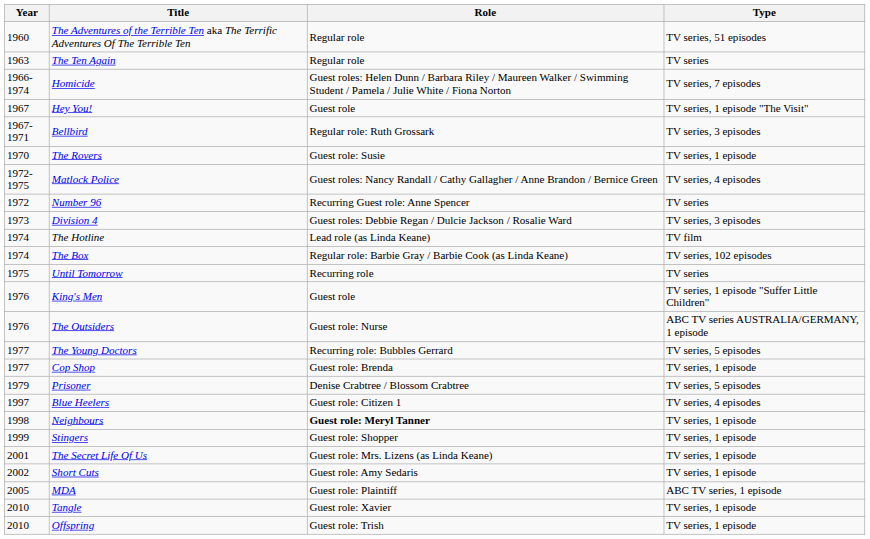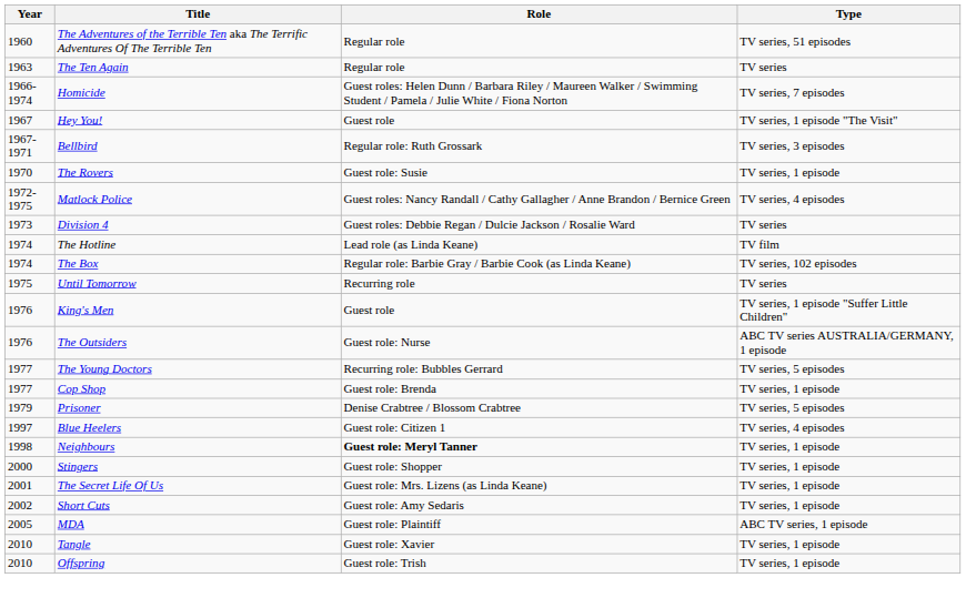 <table class="wikitable">
 <tr>
 <th>Year</th>
 <th>Title</th>
 <th>Role</th>
 <th>Type</th>
 </tr>
 <tr>
 <td>1960</td>
 <td><em><a href='#'>The Adventures of the Terrible Ten</a></em> aka <em>The Terrific Adventures Of The Terrible Ten</em></td>
 <td>Regular role</td>
 <td>TV series, 51 episodes</td>
 </tr>
 <tr>
 <td>1963</td>
 <td><em><a href='#'>The Ten Again</a></em></td>
 <td>Regular role</td>
 <td>TV series</td>
 </tr>
 <tr>
 <td>1966-1974</td>
 <td><em><a href='#'>Homicide</a></em></td>
 <td>Guest roles: Helen Dunn / Barbara Riley / Maureen Walker / Swimming Student / Pamela / Julie White / Fiona Norton</td>
 <td>TV series, 7 episodes</td>
 </tr>
 <tr>
 <td>1967</td>
 <td><em><a href='#'>Hey You!</a></em></td>
 <td>Guest role</td>
 <td>TV series, 1 episode "The Visit"</td>
 </tr>
 <tr>
 <td>1967-1971</td>
 <td><em><a href='#'>Bellbird</a></em></td>
 <td>Regular role: Ruth Grossark</td>
 <td>TV series, 3 episodes</td>
 </tr>
 <tr>
 <td>1970</td>
 <td><em><a href='#'>The Rovers</a></em></td>
 <td>Guest role: Susie</td>
 <td>TV series, 1 episode</td>
 </tr>
 <tr>
 <td>1972-1975</td>
 <td><em><a href='#'>Matlock Police</a></em></td>
 <td>Guest roles: Nancy Randall / Cathy Gallagher / Anne Brandon / Bernice Green</td>
 <td>TV series, 4 episodes</td>
 </tr>
 <tr>
-<td>1972</td>
-<td><em><a href='#'>Number 96</a></em></td>
-<td>Recurring Guest role: Anne Spencer</td>
-<td>TV series</td>
-</tr>
-<tr>
 <td>1973</td>
 <td><em><a href='#'>Division 4</a></em></td>
 <td>Guest roles: Debbie Regan / Dulcie Jackson / Rosalie Ward</td>
-<td>TV series, 3 episodes</td>
+<td>TV series</td>
 </tr>
 <tr>
 <td>1974</td>
 <td><em>The Hotline</em></td>
 <td>Lead role (as Linda Keane)</td>
 <td>TV film</td>
 </tr>
 <tr>
 <td>1974</td>
 <td><em><a href='#'>The Box</a></em></td>
 <td>Regular role: Barbie Gray / Barbie Cook (as Linda Keane)</td>
 <td>TV series, 102 episodes</td>
 </tr>
 <tr>
 <td>1975</td>
 <td><em><a href='#'>Until Tomorrow</a></em></td>
 <td>Recurring role</td>
 <td>TV series</td>
 </tr>
 <tr>
 <td>1976</td>
 <td><em><a href='#'>King's Men</a></em></td>
 <td>Guest role</td>
 <td>TV series, 1 episode "Suffer Little Children"</td>
 </tr>
 <tr>
 <td>1976</td>
 <td><em><a href='#'>The Outsiders</a></em></td>
 <td>Guest role: Nurse</td>
 <td>ABC TV series AUSTRALIA/GERMANY, 1 episode</td>
 </tr>
 <tr>
 <td>1977</td>
 <td><em><a href='#'>The Young Doctors</a></em></td>
 <td>Recurring role: Bubbles Gerrard</td>
 <td>TV series, 5 episodes</td>
 </tr>
 <tr>
 <td>1977</td>
 <td><em><a href='#'>Cop Shop</a></em></td>
 <td>Guest role: Brenda</td>
 <td>TV series, 1 episode</td>
 </tr>
 <tr>
 <td>1979</td>
 <td><em><a href='#'>Prisoner</a></em></td>
 <td>Denise Crabtree / Blossom Crabtree</td>
 <td>TV series, 5 episodes</td>
 </tr>
 <tr>
 <td>1997</td>
 <td><em><a href='#'>Blue Heelers</a></em></td>
 <td>Guest role: Citizen 1</td>
 <td>TV series, 4 episodes</td>
 </tr>
 <tr>
 <td>1998</td>
 <td><em><a href='#'>Neighbours</a></em></td>
 <td><strong>Guest role: Meryl Tanner</strong></td>
 <td>TV series, 1 episode</td>
 </tr>
 <tr>
-<td>1999</td>
+<td>2000</td>
 <td><em><a href='#'>Stingers</a></em></td>
 <td>Guest role: Shopper</td>
 <td>TV series, 1 episode</td>
 </tr>
 <tr>
 <td>2001</td>
 <td><em><a href='#'>The Secret Life Of Us</a></em></td>
 <td>Guest role: Mrs. Lizens (as Linda Keane)</td>
 <td>TV series, 1 episode</td>
 </tr>
 <tr>
 <td>2002</td>
 <td><em><a href='#'>Short Cuts</a></em></td>
 <td>Guest role: Amy Sedaris</td>
 <td>TV series, 1 episode</td>
 </tr>
 <tr>
 <td>2005</td>
 <td><em><a href='#'>MDA</a></em></td>
 <td>Guest role: Plaintiff</td>
 <td>ABC TV series, 1 episode</td>
 </tr>
 <tr>
 <td>2010</td>
 <td><em><a href='#'>Tangle</a></em></td>
 <td>Guest role: Xavier</td>
 <td>TV series, 1 episode</td>
 </tr>
 <tr>
 <td>2010</td>
 <td><em><a href='#'>Offspring</a></em></td>
 <td>Guest role: Trish</td>
 <td>TV series, 1 episode</td>
 </tr>
 </table>
